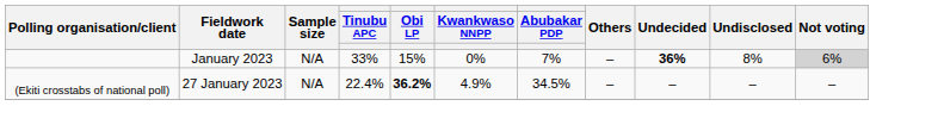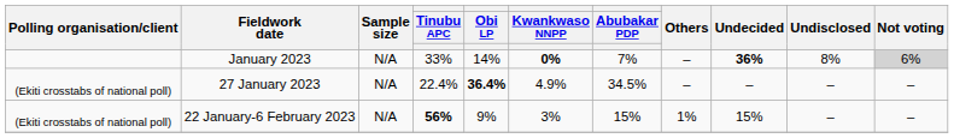 <table class="wikitable" style="text-align:center;font-size:95%;line-height:14px;">
 <tr>
 <th rowspan="3">Polling organisation/client</th>
 <th rowspan="3">Fieldwork<br>date</th>
 <th rowspan="3">Sample<br>size</th>
 <th></th>
 <th></th>
 <th></th>
 <th></th>
 <th rowspan="3">Others</th>
 <th rowspan="3">Undecided</th>
 <th rowspan="3">Undisclosed</th>
 <th rowspan="3">Not voting</th>
 </tr>
 <tr>
 <th><a href='#'>Tinubu</a><br><small><a href='#'>APC</a></small></th>
 <th><a href='#'>Obi</a><br><small><a href='#'>LP</a></small></th>
 <th><a href='#'>Kwankwaso</a><br><small><a href='#'>NNPP</a></small></th>
 <th><a href='#'>Abubakar</a><br><small><a href='#'>PDP</a></small></th>
 </tr>
 <tr>
 <th style="background:"></th>
 <th style="background:"></th>
 <th style="background:"></th>
 <th style="background:"></th>
 </tr>
 <tr>
 <td></td>
 <td>January 2023</td>
 <td>N/A</td>
 <td>33%</td>
-<td>15%</td>
-<td>0%</td>
+<td>14%</td>
+<td><strong>0%</strong></td>
 <td>7%</td>
 <td>–</td>
 <td><strong>36%</strong></td>
 <td>8%</td>
 <td style="background: lightgrey;">6%</td>
 </tr>
 <tr>
 <td><br><small>(Ekiti crosstabs of national poll)</small></td>
 <td>27 January 2023</td>
 <td>N/A</td>
 <td>22.4%</td>
-<td><strong>36.2%</strong></td>
+<td><strong>36.4%</strong></td>
 <td>4.9%</td>
 <td>34.5%</td>
 <td>–</td>
 <td>–</td>
 <td>–</td>
 <td>–</td>
 </tr>
 <tr>
+<td><br><small>(Ekiti crosstabs of national poll)</small></td>
+<td>22 January-6 February 2023</td>
+<td>N/A</td>
+<td><strong>56%</strong></td>
+<td>9%</td>
+<td>3%</td>
+<td>15%</td>
+<td>1%</td>
+<td>15%</td>
+<td>–</td>
+<td>–</td>
+</tr>
+<tr>
 </tr>
 </table>
